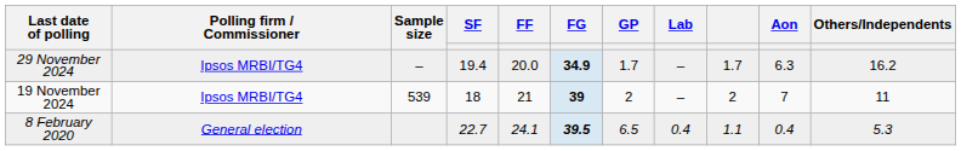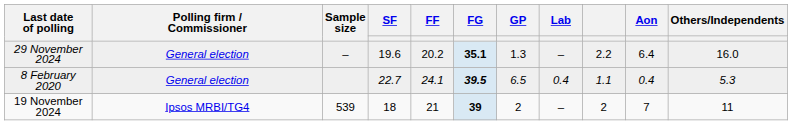 <table class="wikitable sortable collapsible" style="text-align:center;font-size:95%;line-height:14px;">
 <tr style="height:42px;">
 <th style="width:110px;" rowspan="2">Last date<br>of polling</th>
 <th style="width:300px;" rowspan="2">Polling firm /<br>Commissioner</th>
 <th class="unsortable" style="width:50px;" rowspan="2">Sample<br>size</th>
 <th class="unsortable" style="width:50px;"><a href='#'>SF</a></th>
 <th class="unsortable" style="width:50px;"><a href='#'>FF</a></th>
 <th class="unsortable" style="width:50px;"><a href='#'>FG</a></th>
 <th class="unsortable" style="width:50px;"><a href='#'>GP</a></th>
 <th class="unsortable" style="width:50px;"><a href='#'>Lab</a></th>
 <th class="unsortable" style="width:50px;"></th>
 <th class="unsortable" style="width:50px;"><a href='#'>Aon</a></th>
 <th class="unsortable" style="width:50px;">Others/Independents</th>
 </tr>
 <tr>
 <th style="color:inherit;background:"></th>
 <th style="color:inherit;background:"></th>
 <th style="color:inherit;background:"></th>
 <th style="color:inherit;background:"></th>
 <th style="color:inherit;background:"></th>
 <th style="color:inherit;background:"></th>
 <th style="color:inherit;background:"></th>
 <th style="color:inherit;background:"></th>
 </tr>
 <tr style="background:#EFEFEF;">
 <td><em>29 November 2024</em></td>
-<td><a href='#'>Ipsos MRBI/TG4</a></td>
+<td><em><a href='#'>General election</a></em></td>
 <td>–</td>
-<td>19.4</td>
-<td>20.0</td>
-<td style="background:#D9E9F4"><strong>34.9</strong></td>
-<td>1.7</td>
+<td>19.6</td>
+<td>20.2</td>
+<td style="background:#D9E9F4"><strong>35.1</strong></td>
+<td>1.3</td>
 <td>–</td>
-<td>1.7</td>
-<td>6.3</td>
-<td>16.2</td>
+<td>2.2</td>
+<td>6.4</td>
+<td>16.0</td>
+</tr>
+<tr style="background:#EFEFEF;">
+<td><em>8 February 2020</em></td>
+<td><em><a href='#'>General election</a></em></td>
+<td></td>
+<td><em>22.7</em></td>
+<td><em>24.1</em></td>
+<td style="background:#D9E9F4"><strong><em>39.5</em></strong></td>
+<td><em>6.5</em></td>
+<td><em>0.4</em></td>
+<td><em>1.1</em></td>
+<td><em>0.4</em></td>
+<td><em>5.3</em></td>
 </tr>
 <tr>
 <td>19 November 2024</td>
 <td><a href='#'>Ipsos MRBI/TG4</a></td>
 <td>539</td>
 <td>18</td>
 <td>21</td>
 <td style="background:#D9E9F4"><strong>39</strong></td>
 <td>2</td>
 <td>–</td>
 <td>2</td>
 <td>7</td>
 <td>11</td>
 </tr>
-<tr style="background:#EFEFEF;">
-<td><em>8 February 2020</em></td>
-<td><em><a href='#'>General election</a></em></td>
-<td></td>
-<td><em>22.7</em></td>
-<td><em>24.1</em></td>
-<td style="background:#D9E9F4"><strong><em>39.5</em></strong></td>
-<td><em>6.5</em></td>
-<td><em>0.4</em></td>
-<td><em>1.1</em></td>
-<td><em>0.4</em></td>
-<td><em>5.3</em></td>
-</tr>
 </table>
